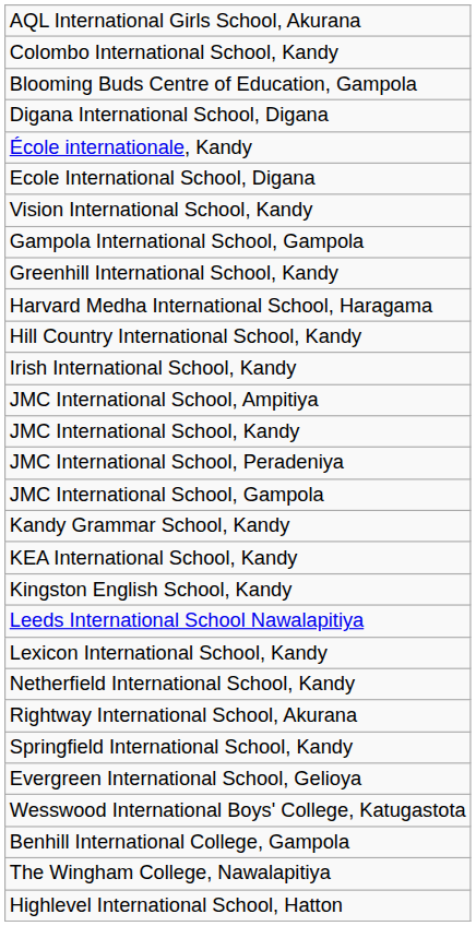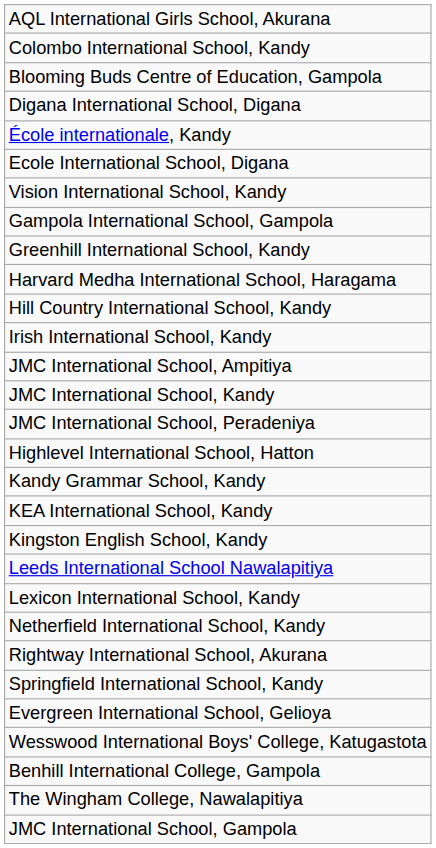 <table class="wikitable">
 <tr>
 <td>AQL International Girls School, Akurana</td>
 </tr>
 <tr>
 <td>Colombo International School, Kandy</td>
 </tr>
 <tr>
 <td>Blooming Buds Centre of Education, Gampola</td>
 </tr>
 <tr>
 <td>Digana International School, Digana</td>
 </tr>
 <tr>
 <td><a href='#'>École internationale</a>, Kandy</td>
 </tr>
 <tr>
 <td>Ecole International School, Digana</td>
 </tr>
 <tr>
 <td>Vision International School, Kandy</td>
 </tr>
 <tr>
 <td>Gampola International School, Gampola</td>
 </tr>
 <tr>
 <td>Greenhill International School, Kandy</td>
 </tr>
 <tr>
 <td>Harvard Medha International School, Haragama</td>
 </tr>
 <tr>
 <td>Hill Country International School, Kandy</td>
 </tr>
 <tr>
 <td>Irish International School, Kandy</td>
 </tr>
 <tr>
 <td>JMC International School, Ampitiya</td>
 </tr>
 <tr>
 <td>JMC International School, Kandy</td>
 </tr>
 <tr>
 <td>JMC International School, Peradeniya</td>
 </tr>
 <tr>
-<td>JMC International School, Gampola</td>
+<td>Highlevel International School, Hatton</td>
 </tr>
 <tr>
 <td>Kandy Grammar School, Kandy</td>
 </tr>
 <tr>
 <td>KEA International School, Kandy</td>
 </tr>
 <tr>
 <td>Kingston English School, Kandy</td>
 </tr>
 <tr>
 <td><a href='#'>Leeds International School Nawalapitiya</a></td>
 </tr>
 <tr>
 <td>Lexicon International School, Kandy</td>
 </tr>
 <tr>
 <td>Netherfield International School, Kandy</td>
 </tr>
 <tr>
 <td>Rightway International School, Akurana</td>
 </tr>
 <tr>
 <td>Springfield International School, Kandy</td>
 </tr>
 <tr>
 <td>Evergreen International School, Gelioya</td>
 </tr>
 <tr>
 <td>Wesswood International Boys' College, Katugastota</td>
 </tr>
 <tr>
 <td>Benhill International College, Gampola</td>
 </tr>
 <tr>
 <td>The Wingham College, Nawalapitiya</td>
 </tr>
 <tr>
-<td>Highlevel International School, Hatton</td>
+<td>JMC International School, Gampola</td>
 </tr>
 </table>
